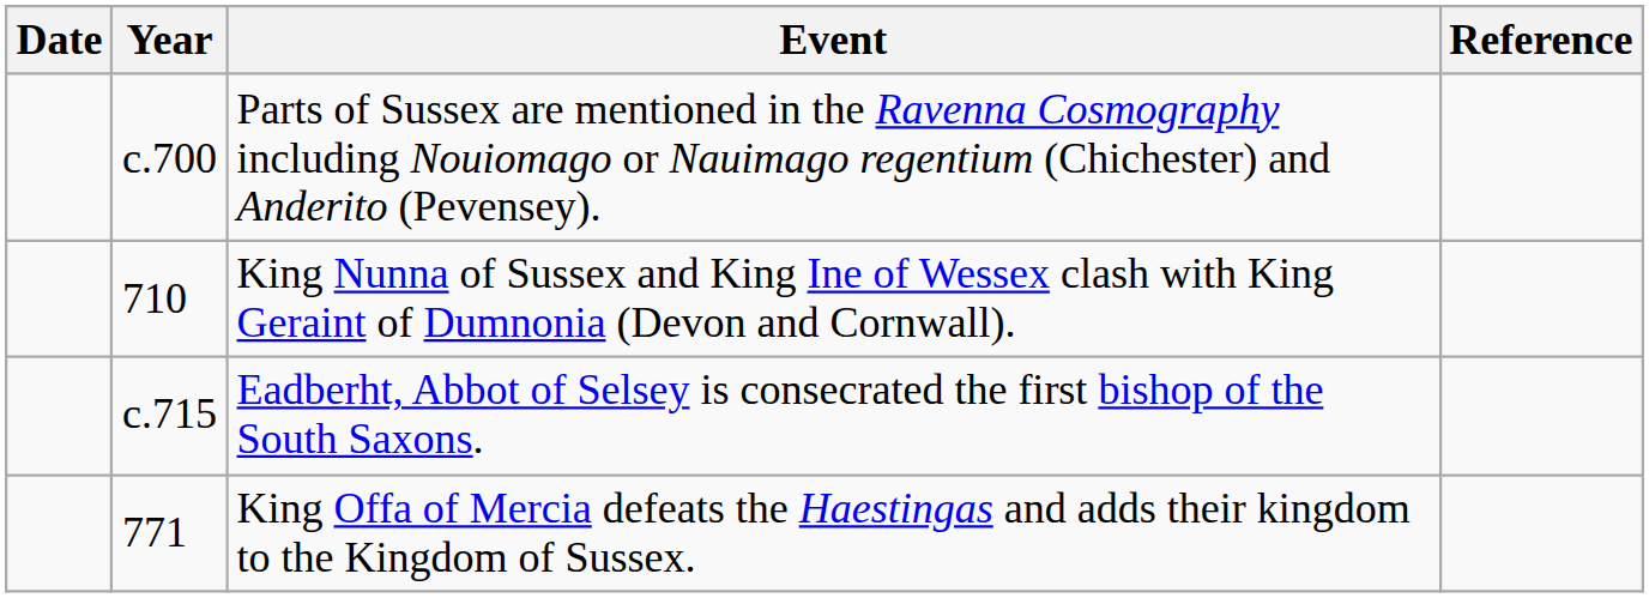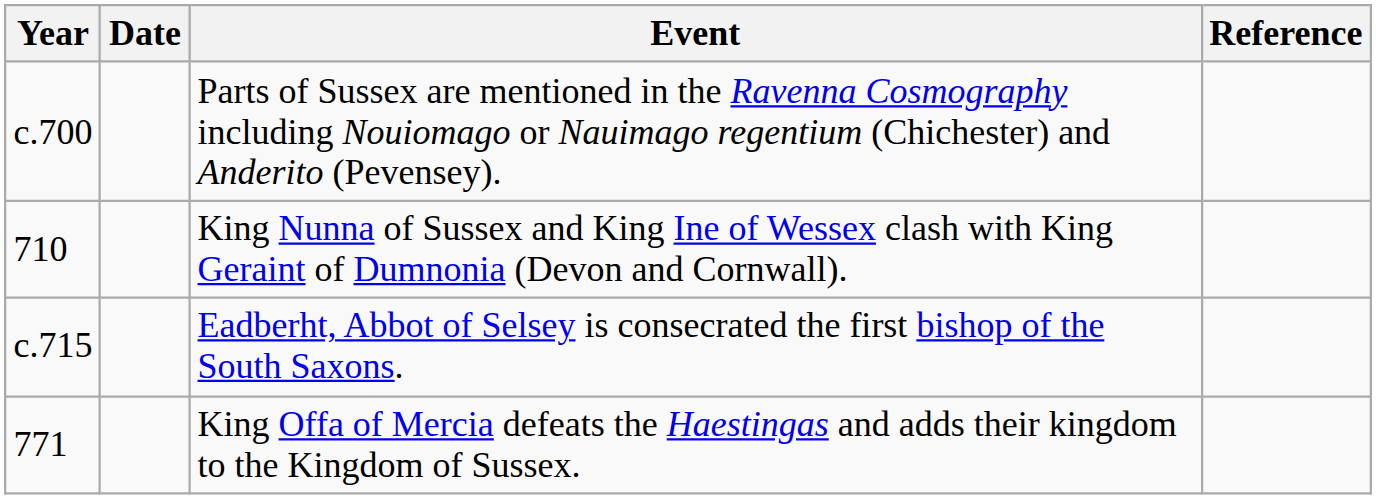 <table class="wikitable">
 <tr>
+<th TITTY>Year</th>
 <th TITTY>Date</th>
-<th TITTY>Year</th>
 <th>Event</th>
 <th>Reference</th>
 </tr>
 <tr>
+<td>c.700</td>
 <td></td>
-<td>c.700</td>
 <td>Parts of Sussex are mentioned in the <em><a href='#'>Ravenna Cosmography</a></em> including <em>Nouiomago</em> or <em>Nauimago regentium</em> (Chichester) and <em>Anderito</em> (Pevensey).</td>
 <td></td>
 </tr>
 <tr>
+<td>710</td>
 <td></td>
-<td>710</td>
 <td>King <a href='#'>Nunna</a> of Sussex and King <a href='#'>Ine of Wessex</a> clash with King <a href='#'>Geraint</a> of <a href='#'>Dumnonia</a> (Devon and Cornwall).</td>
 <td></td>
 </tr>
 <tr>
+<td>c.715</td>
 <td></td>
-<td>c.715</td>
 <td><a href='#'>Eadberht, Abbot of Selsey</a> is consecrated the first <a href='#'>bishop of the South Saxons</a>.</td>
 <td></td>
 </tr>
 <tr>
+<td>771</td>
 <td></td>
-<td>771</td>
 <td>King <a href='#'>Offa of Mercia</a> defeats the <em><a href='#'>Haestingas</a></em> and adds their kingdom to the Kingdom of Sussex.</td>
 <td></td>
 </tr>
 </table>
